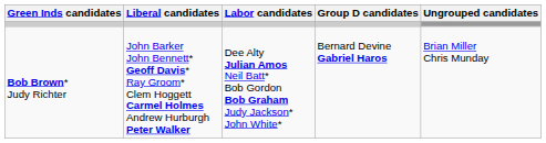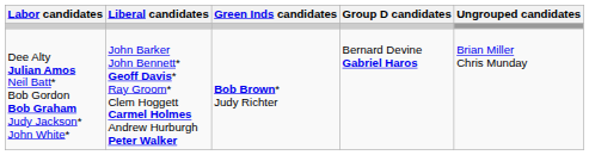 <table class="wikitable">
 <tr>
+<th><a href='#'>Labor</a> candidates</th>
+<th><a href='#'>Liberal</a> candidates</th>
 <th><a href='#'>Green Inds</a> candidates</th>
-<th><a href='#'>Liberal</a> candidates</th>
-<th><a href='#'>Labor</a> candidates</th>
 <th>Group D candidates</th>
 <th>Ungrouped candidates</th>
 </tr>
 <tr bgcolor="#cccccc">
 <td></td>
 <td></td>
 <td></td>
 <td></td>
 <td bgcolor="#999999"></td>
 </tr>
 <tr>
+<td><br>Dee Alty<br> <strong><a href='#'>Julian Amos</a></strong><br> <a href='#'>Neil Batt</a>*<br> Bob Gordon<br> <strong><a href='#'>Bob Graham</a></strong><br> <a href='#'>Judy Jackson</a>*<br> <a href='#'>John White</a>*</td>
+<td><br><a href='#'>John Barker</a><br> <a href='#'>John Bennett</a>*<br> <strong><a href='#'>Geoff Davis</a></strong>*<br> <a href='#'>Ray Groom</a>*<br> Clem Hoggett<br> <strong><a href='#'>Carmel Holmes</a></strong><br> Andrew Hurburgh<br> <strong><a href='#'>Peter Walker</a></strong></td>
 <td><br><strong><a href='#'>Bob Brown</a></strong>*<br> Judy Richter</td>
-<td><br><a href='#'>John Barker</a><br> <a href='#'>John Bennett</a>*<br> <strong><a href='#'>Geoff Davis</a></strong>*<br> <a href='#'>Ray Groom</a>*<br> Clem Hoggett<br> <strong><a href='#'>Carmel Holmes</a></strong><br> Andrew Hurburgh<br> <strong><a href='#'>Peter Walker</a></strong></td>
-<td><br>Dee Alty<br> <strong><a href='#'>Julian Amos</a></strong><br> <a href='#'>Neil Batt</a>*<br> Bob Gordon<br> <strong><a href='#'>Bob Graham</a></strong><br> <a href='#'>Judy Jackson</a>*<br> <a href='#'>John White</a>*</td>
 <td valign=top><br>Bernard Devine<br> <strong><a href='#'>Gabriel Haros</a></strong></td>
 <td valign=top><br><a href='#'>Brian Miller</a><br> Chris Munday</td>
 </tr>
 </table>
